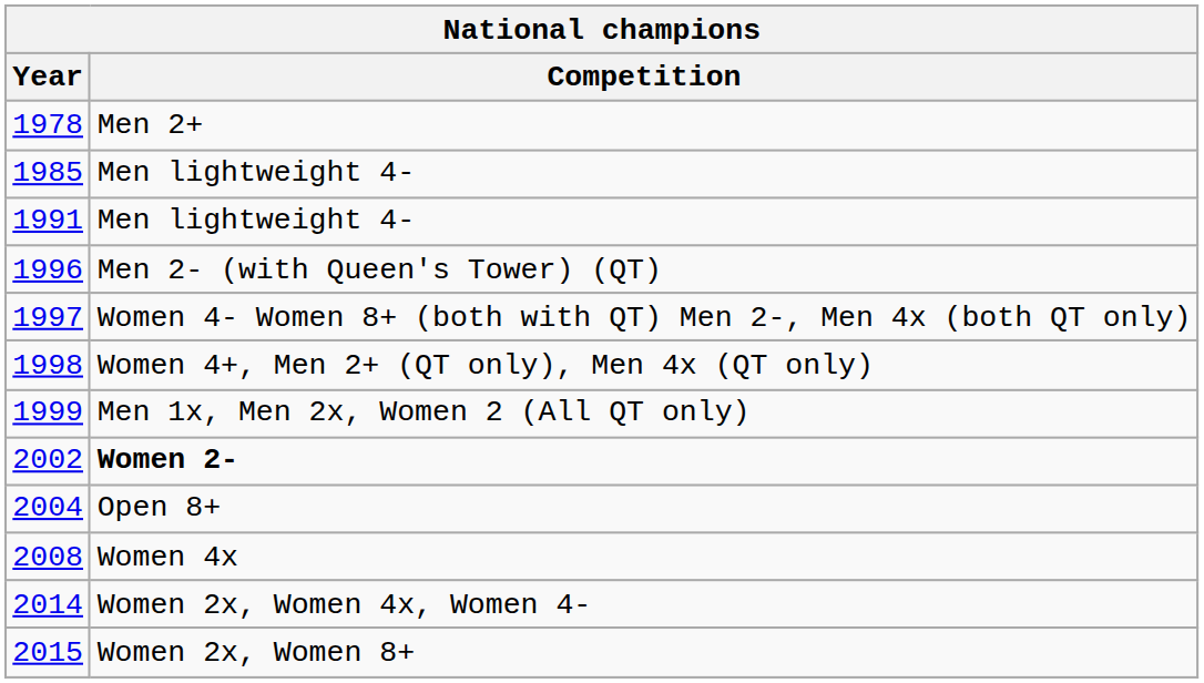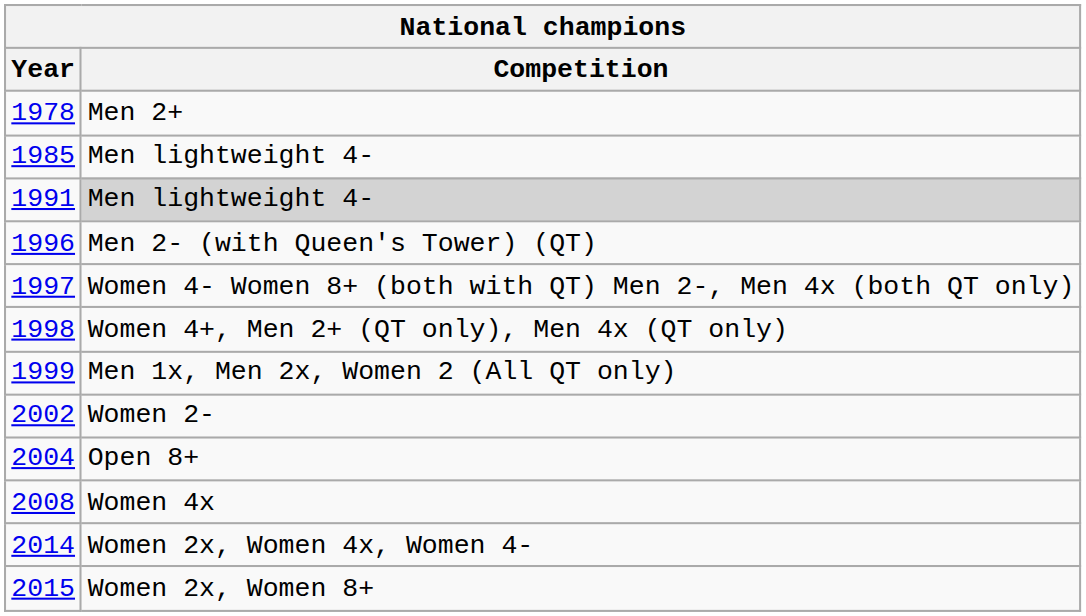 <table class="wikitable collapsible collapsed">
 <tr>
 <th colspan="2">National champions</th>
 </tr>
 <tr>
 <th>Year</th>
 <th>Competition</th>
 </tr>
 <tr>
 <td><a href='#'>1978</a></td>
 <td>Men 2+</td>
 </tr>
 <tr>
 <td><a href='#'>1985</a></td>
 <td>Men lightweight 4-</td>
 </tr>
 <tr>
 <td><a href='#'>1991</a></td>
-<td>Men lightweight 4-</td>
+<td style="background: lightgrey;">Men lightweight 4-</td>
 </tr>
 <tr>
 <td><a href='#'>1996</a></td>
 <td>Men 2- (with Queen's Tower) (QT)</td>
 </tr>
 <tr>
 <td><a href='#'>1997</a></td>
 <td>Women 4- Women 8+ (both with QT) Men 2-, Men 4x (both QT only)</td>
 </tr>
 <tr>
 <td><a href='#'>1998</a></td>
 <td>Women 4+, Men 2+ (QT only), Men 4x (QT only)</td>
 </tr>
 <tr>
 <td><a href='#'>1999</a></td>
 <td>Men 1x, Men 2x, Women 2 (All QT only)</td>
 </tr>
 <tr>
 <td><a href='#'>2002</a></td>
-<td><strong>Women 2- </strong></td>
+<td>Women 2- </td>
 </tr>
 <tr>
 <td><a href='#'>2004</a></td>
 <td>Open 8+ </td>
 </tr>
 <tr>
 <td><a href='#'>2008</a></td>
 <td>Women 4x </td>
 </tr>
 <tr>
 <td><a href='#'>2014</a></td>
 <td>Women 2x, Women 4x, Women 4- </td>
 </tr>
 <tr>
 <td><a href='#'>2015</a></td>
 <td>Women 2x, Women 8+ </td>
 </tr>
 </table>
